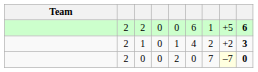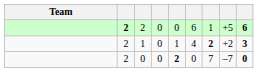 <table class="wikitable" style="text-align: center;">
 <tr>
 <th width="175">Team</th>
 <th width="20"></th>
 <th width="20"></th>
 <th width="20"></th>
 <th width="20"></th>
 <th width="20"></th>
 <th width="20"></th>
 <th width="20"></th>
 <th width="20"><strong></strong></th>
 </tr>
 <tr bgcolor=#cfc>
 <td align=left></td>
-<td>2</td>
+<td><strong>2</strong></td>
 <td>2</td>
 <td>0</td>
 <td>0</td>
 <td>6</td>
 <td>1</td>
 <td>+5</td>
 <td><strong>6</strong></td>
 </tr>
 <tr>
 <td align=left></td>
 <td>2</td>
 <td>1</td>
 <td>0</td>
 <td>1</td>
 <td>4</td>
-<td>2</td>
+<td><strong>2</strong></td>
 <td>+2</td>
 <td><strong>3</strong></td>
 </tr>
 <tr>
 <td align=left></td>
 <td>2</td>
 <td>0</td>
 <td>0</td>
-<td>2</td>
+<td><strong>2</strong></td>
 <td>0</td>
 <td>7</td>
-<td style="background: lightyellow;">–7</td>
+<td>–7</td>
 <td><strong>0</strong></td>
 </tr>
 </table>
